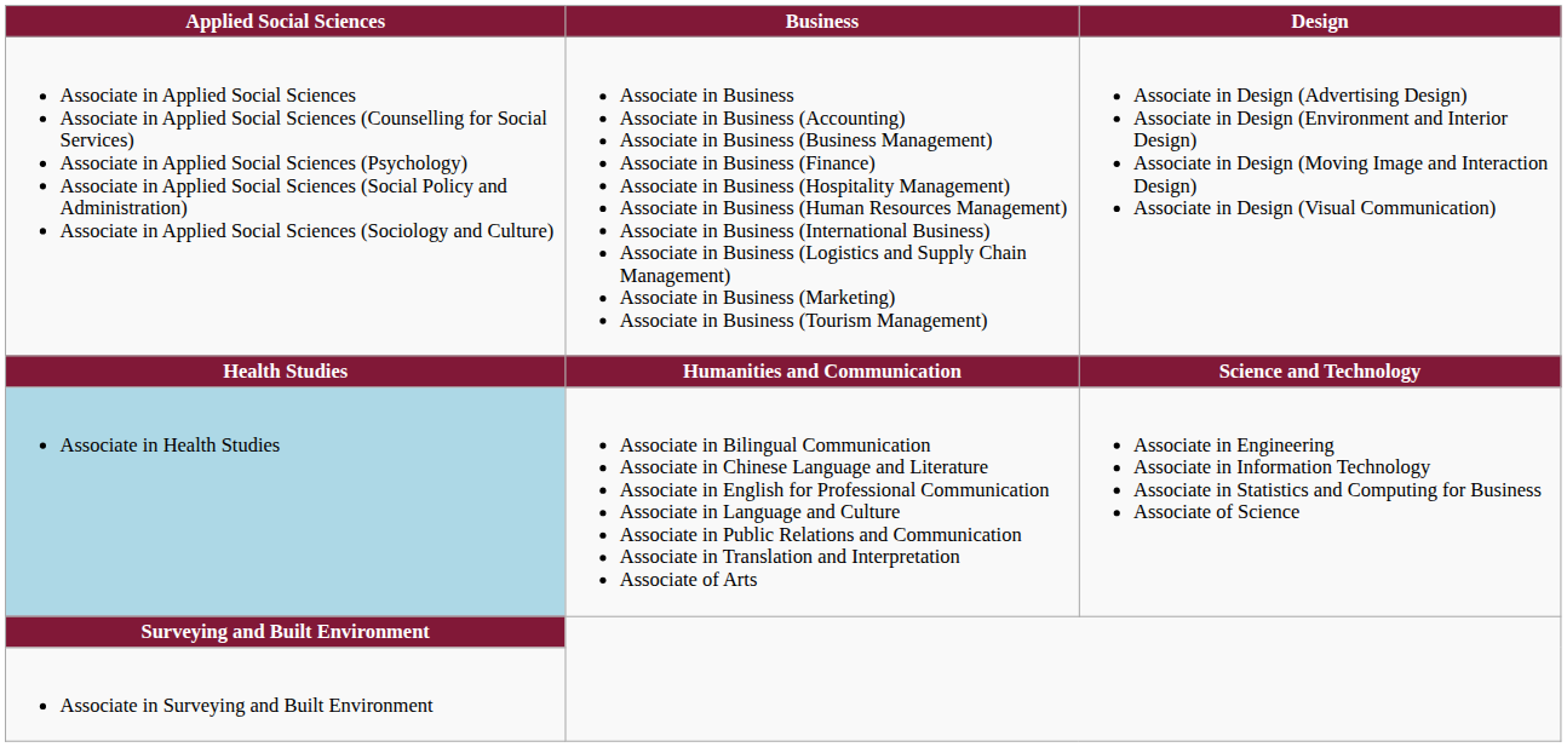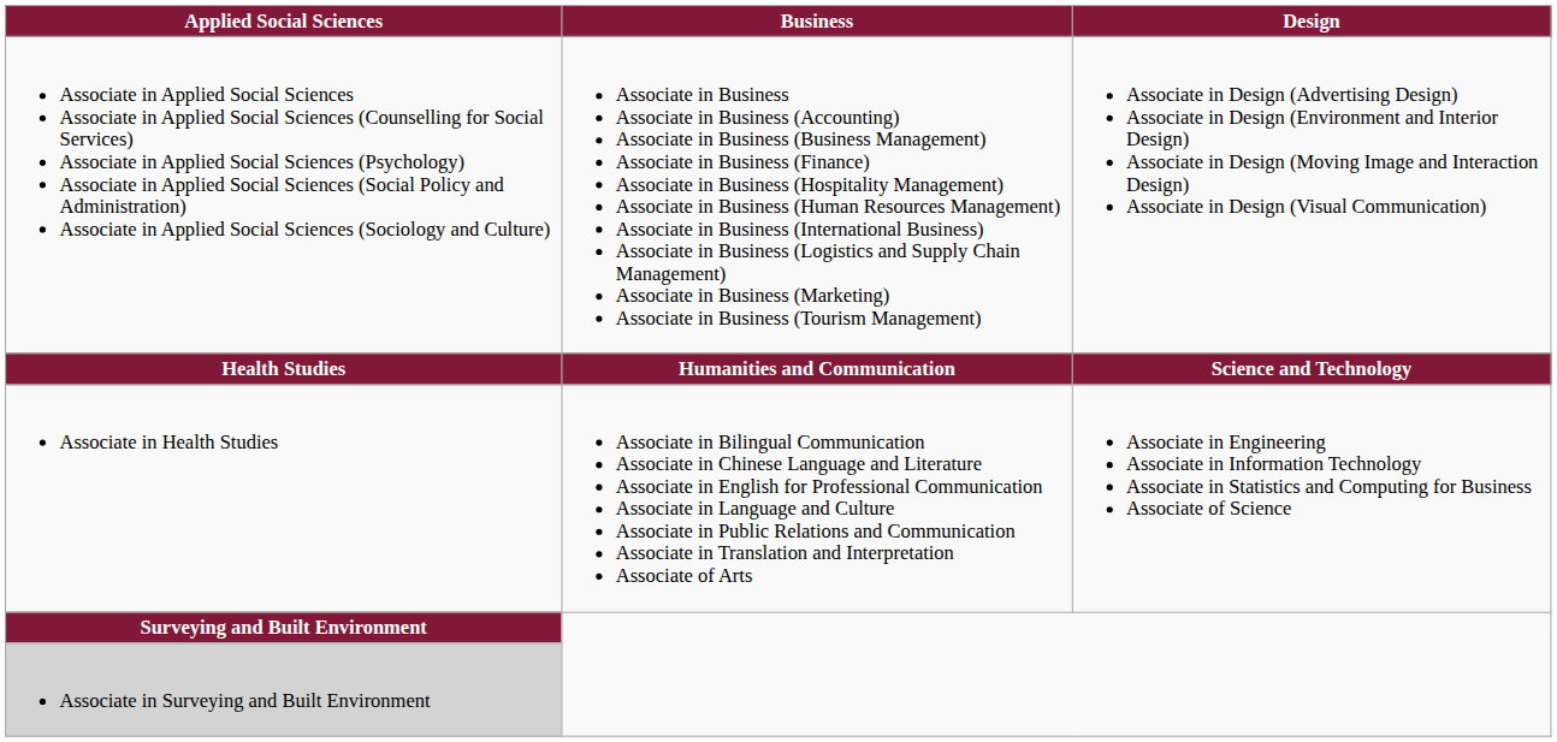 <table class="wikitable">
 <tr>
 <th style="background:#811837;color:white">Applied Social Sciences</th>
 <th style="background:#811837;color:white">Business</th>
 <th style="background:#811837;color:white">Design</th>
 </tr>
 <tr>
 <td valign="top"><br><ul><li>Associate in Applied Social Sciences</li><li>Associate in Applied Social Sciences (Counselling for Social Services)</li><li>Associate in Applied Social Sciences (Psychology)</li><li>Associate in Applied Social Sciences (Social Policy and Administration)</li><li>Associate in Applied Social Sciences (Sociology and Culture)</li></ul></td>
 <td valign="top"><br><ul><li>Associate in Business</li><li>Associate in Business (Accounting)</li><li>Associate in Business (Business Management)</li><li>Associate in Business (Finance)</li><li>Associate in Business (Hospitality Management)</li><li>Associate in Business (Human Resources Management)</li><li>Associate in Business (International Business)</li><li>Associate in Business (Logistics and Supply Chain Management)</li><li>Associate in Business (Marketing)</li><li>Associate in Business (Tourism Management)</li></ul></td>
 <td valign="top"><br><ul><li>Associate in Design (Advertising Design)</li><li>Associate in Design (Environment and Interior Design)</li><li>Associate in Design (Moving Image and Interaction Design)</li><li>Associate in Design (Visual Communication)</li></ul></td>
 </tr>
 <tr>
 <th style="background:#811837;color:white">Health Studies</th>
 <th style="background:#811837;color:white">Humanities and Communication</th>
 <th style="background:#811837;color:white">Science and Technology</th>
 </tr>
 <tr>
-<td valign="top" style="background: lightblue;"><br><ul><li>Associate in Health Studies</li></ul></td>
+<td valign="top"><br><ul><li>Associate in Health Studies</li></ul></td>
 <td valign="top"><br><ul><li>Associate in Bilingual Communication</li><li>Associate in Chinese Language and Literature</li><li>Associate in English for Professional Communication</li><li>Associate in Language and Culture</li><li>Associate in Public Relations and Communication</li><li>Associate in Translation and Interpretation</li><li>Associate of Arts</li></ul></td>
 <td valign="top"><br><ul><li>Associate in Engineering</li><li>Associate in Information Technology</li><li>Associate in Statistics and Computing for Business</li><li>Associate of Science</li></ul></td>
 </tr>
 <tr>
 <th style="background:#811837;color:white">Surveying and Built Environment</th>
 </tr>
 <tr>
-<td valign="top"><br><ul><li>Associate in Surveying and Built Environment</li></ul></td>
+<td valign="top" style="background: lightgrey;"><br><ul><li>Associate in Surveying and Built Environment</li></ul></td>
 </tr>
 </table>
